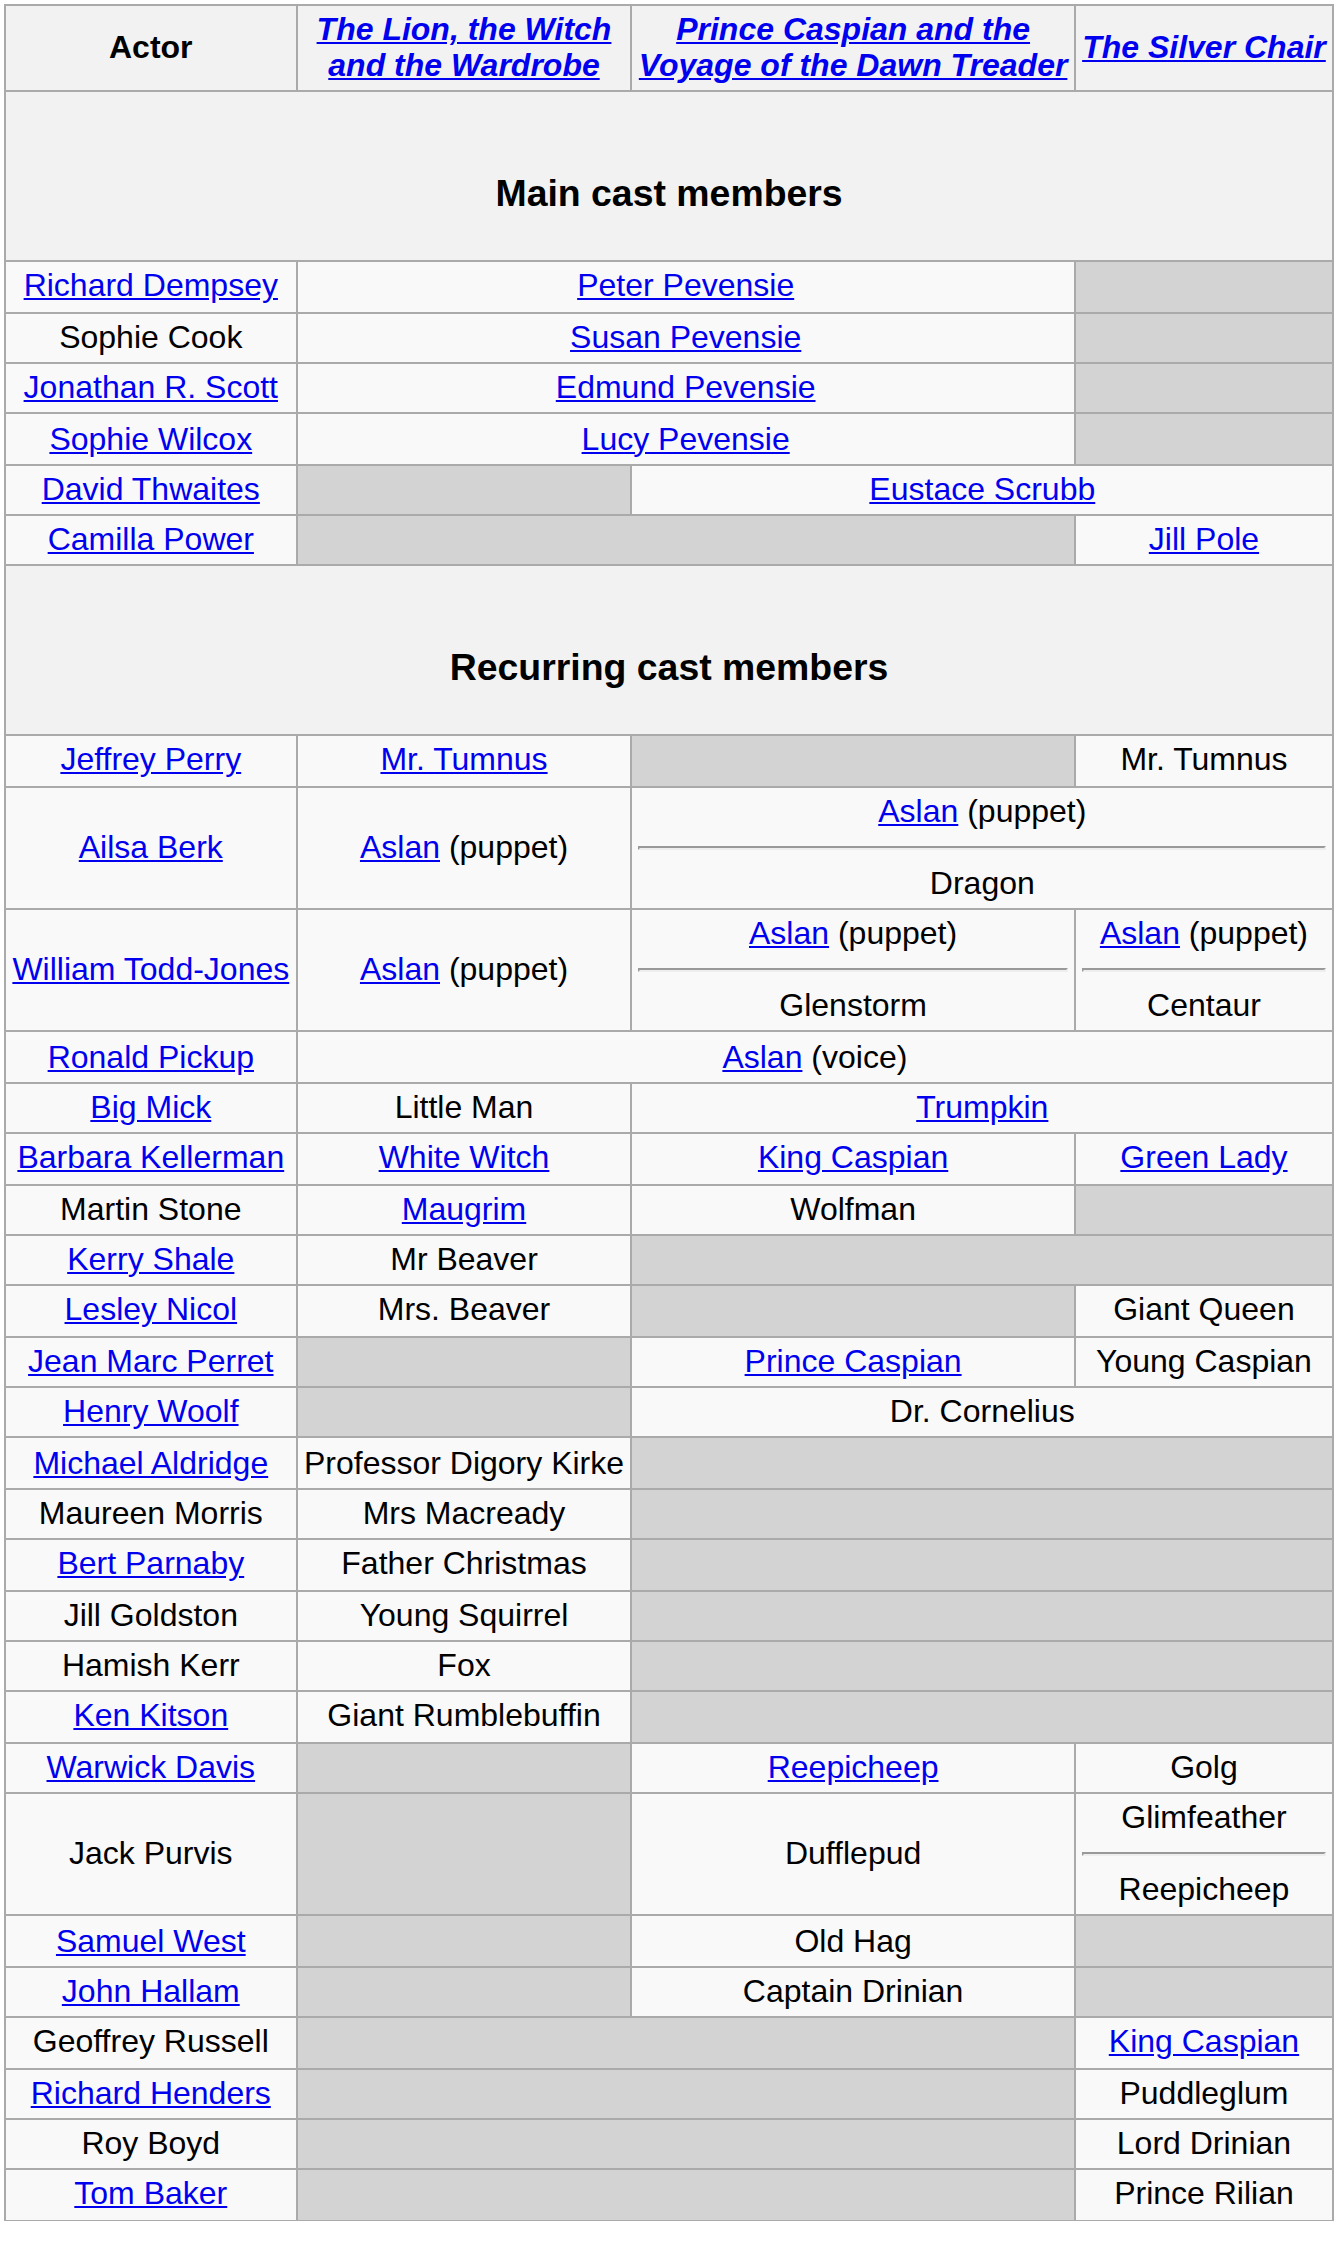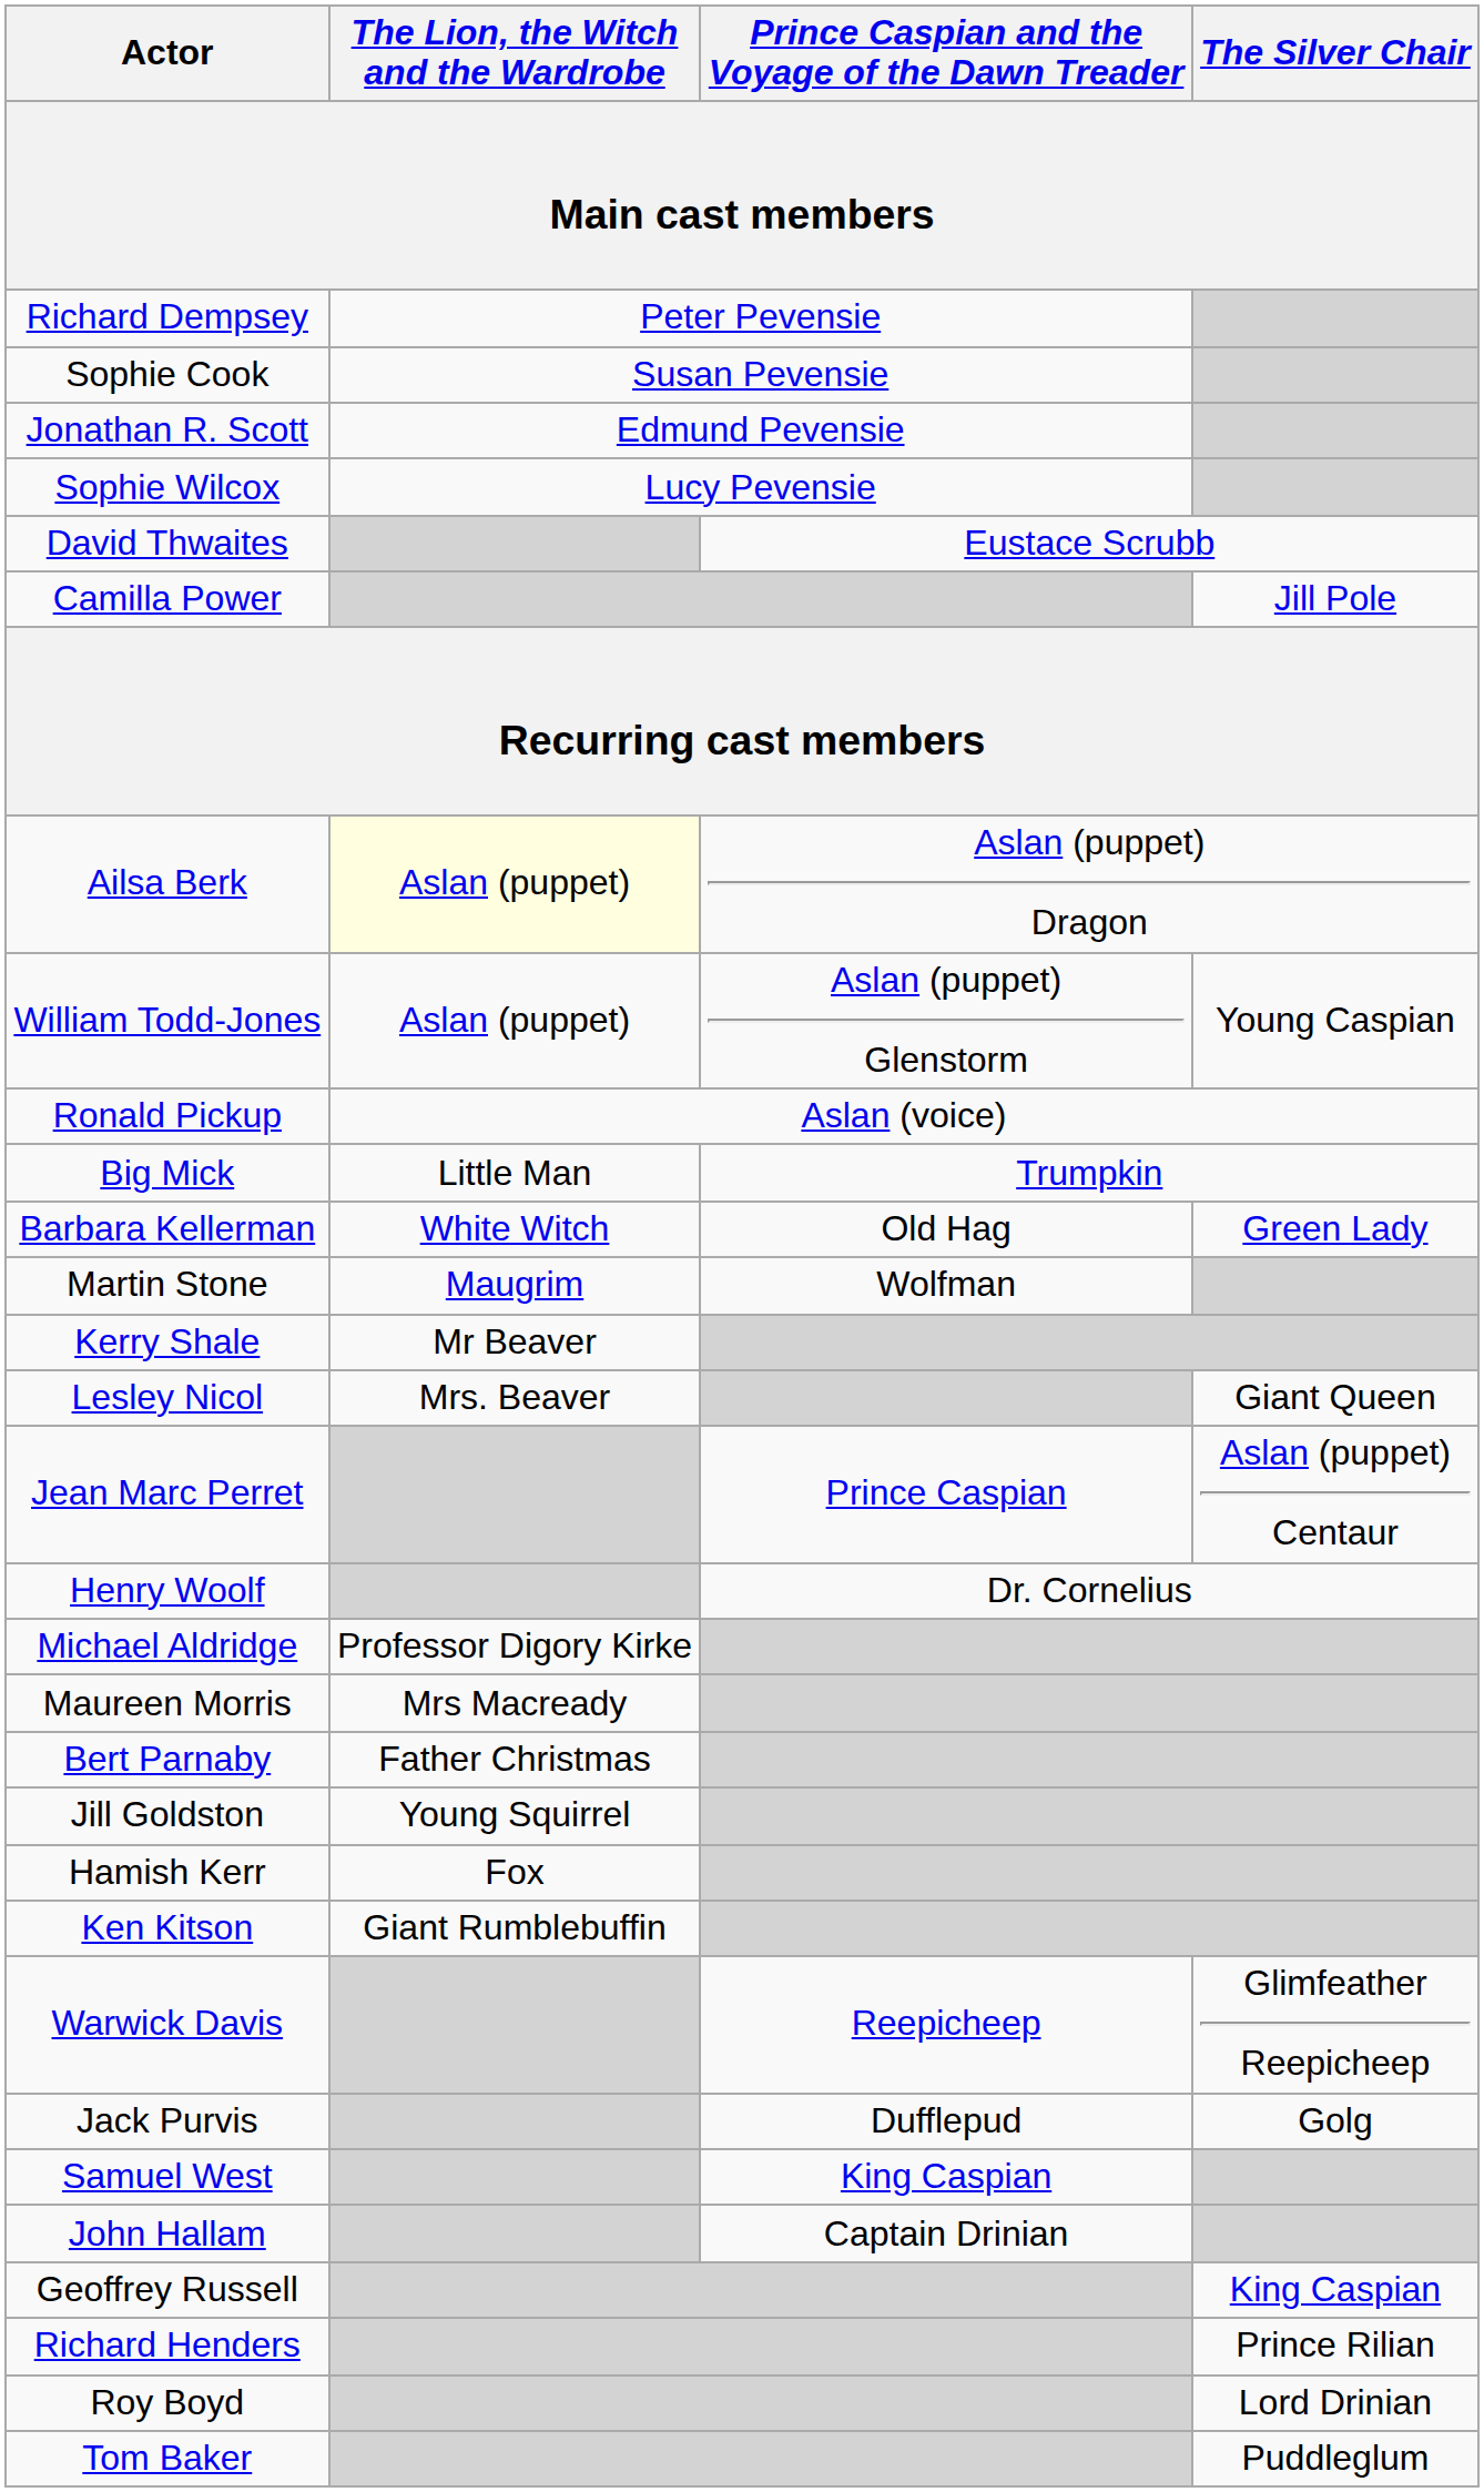 <table class="wikitable plainrowheaders" style="text-align:center;">
 <tr>
 <th>Actor</th>
 <th><a href='#'><em>The Lion, the Witch<br>and the Wardrobe</em></a></th>
 <th><a href='#'><em>Prince Caspian and the<br>Voyage of the Dawn Treader</em></a></th>
 <th><a href='#'><em>The Silver Chair</em></a></th>
 </tr>
 <tr>
 <th colspan="4"><br><h3>Main cast members</h3></th>
 </tr>
 <tr>
 <td><a href='#'>Richard Dempsey</a></td>
 <td colspan="2"><a href='#'>Peter Pevensie</a></td>
 <td colspan="1" style="background:#d3d3d3;"></td>
 </tr>
 <tr>
 <td>Sophie Cook</td>
 <td colspan="2"><a href='#'>Susan Pevensie</a></td>
 <td colspan="1" style="background:#d3d3d3;"></td>
 </tr>
 <tr>
 <td><a href='#'>Jonathan R. Scott</a></td>
 <td colspan="2"><a href='#'>Edmund Pevensie</a></td>
 <td colspan="1" style="background:#d3d3d3;"></td>
 </tr>
 <tr>
 <td><a href='#'>Sophie Wilcox</a></td>
 <td colspan="2"><a href='#'>Lucy Pevensie</a></td>
 <td colspan="1" style="background:#d3d3d3;"></td>
 </tr>
 <tr>
 <td><a href='#'>David Thwaites</a></td>
 <td colspan="1" style="background:#d3d3d3;"></td>
 <td colspan="2"><a href='#'>Eustace Scrubb</a></td>
 </tr>
 <tr>
 <td><a href='#'>Camilla Power</a></td>
 <td colspan="2" style="background:#d3d3d3;"></td>
 <td colspan="1"><a href='#'>Jill Pole</a></td>
 </tr>
 <tr>
 <th colspan="4"><br><h3>Recurring cast members</h3></th>
 </tr>
 <tr>
-<td><a href='#'>Jeffrey Perry</a></td>
-<td><a href='#'>Mr. Tumnus</a></td>
-<td colspan="1" style="background:#d3d3d3;"></td>
-<td>Mr. Tumnus</td>
-</tr>
-<tr>
 <td><a href='#'>Ailsa Berk</a></td>
-<td colspan="1"><a href='#'>Aslan</a> (puppet)</td>
+<td colspan="1" style="background: lightyellow;"><a href='#'>Aslan</a> (puppet)</td>
 <td colspan="2"><a href='#'>Aslan</a> (puppet)<hr>Dragon</td>
 </tr>
 <tr>
 <td><a href='#'>William Todd-Jones</a></td>
 <td colspan="1"><a href='#'>Aslan</a> (puppet)</td>
 <td colspan="1"><a href='#'>Aslan</a> (puppet)<hr>Glenstorm</td>
-<td colspan="1"><a href='#'>Aslan</a> (puppet)<hr>Centaur</td>
+<td colspan="1">Young Caspian</td>
 </tr>
 <tr>
 <td><a href='#'>Ronald Pickup</a></td>
 <td colspan="3"><a href='#'>Aslan</a> (voice)</td>
 </tr>
 <tr>
 <td><a href='#'>Big Mick</a></td>
 <td colspan="1">Little Man</td>
 <td colspan="2"><a href='#'>Trumpkin</a></td>
 </tr>
 <tr>
 <td><a href='#'>Barbara Kellerman</a></td>
 <td colspan="1"><a href='#'>White Witch</a></td>
-<td colspan="1"><a href='#'>King Caspian</a></td>
+<td colspan="1">Old Hag</td>
 <td colspan="1"><a href='#'>Green Lady</a></td>
 </tr>
 <tr>
 <td>Martin Stone</td>
 <td colspan="1"><a href='#'>Maugrim</a></td>
 <td colspan="1">Wolfman</td>
 <td colspan="1" style="background:#d3d3d3;"></td>
 </tr>
 <tr>
 <td><a href='#'>Kerry Shale</a></td>
 <td>Mr Beaver</td>
 <td colspan="2" style="background:#d3d3d3;"></td>
 </tr>
 <tr>
 <td><a href='#'>Lesley Nicol</a></td>
 <td colspan="1">Mrs. Beaver</td>
 <td colspan="1" style="background:#d3d3d3;"></td>
 <td colspan="1">Giant Queen</td>
 </tr>
 <tr>
 <td><a href='#'>Jean Marc Perret</a></td>
 <td colspan="1" style="background:#d3d3d3;"></td>
 <td colspan="1"><a href='#'>Prince Caspian</a></td>
-<td colspan="1">Young Caspian</td>
+<td colspan="1"><a href='#'>Aslan</a> (puppet)<hr>Centaur</td>
 </tr>
 <tr>
 <td><a href='#'>Henry Woolf</a></td>
 <td colspan="1" style="background:#d3d3d3;"></td>
 <td colspan="2">Dr. Cornelius</td>
 </tr>
 <tr>
 <td><a href='#'>Michael Aldridge</a></td>
 <td>Professor Digory Kirke</td>
 <td colspan="2" style="background:#d3d3d3;"></td>
 </tr>
 <tr>
 <td>Maureen Morris</td>
 <td>Mrs Macready</td>
 <td colspan="2" style="background:#d3d3d3;"></td>
 </tr>
 <tr>
 <td><a href='#'>Bert Parnaby</a></td>
 <td>Father Christmas</td>
 <td colspan="2" style="background:#d3d3d3;"></td>
 </tr>
 <tr>
 <td>Jill Goldston</td>
 <td>Young Squirrel</td>
 <td colspan="2" style="background:#d3d3d3;"></td>
 </tr>
 <tr>
 <td>Hamish Kerr</td>
 <td>Fox</td>
 <td colspan="2" style="background:#d3d3d3;"></td>
 </tr>
 <tr>
 <td><a href='#'>Ken Kitson</a></td>
 <td>Giant Rumblebuffin</td>
 <td colspan="2" style="background:#d3d3d3;"></td>
 </tr>
 <tr>
 <td><a href='#'>Warwick Davis</a></td>
 <td colspan="1" style="background:#d3d3d3;"></td>
 <td><a href='#'>Reepicheep</a></td>
-<td colspan="1">Golg</td>
+<td colspan="1">Glimfeather<hr>Reepicheep</td>
 </tr>
 <tr>
 <td>Jack Purvis</td>
 <td colspan="1" style="background:#d3d3d3;"></td>
 <td colspan="1">Dufflepud</td>
-<td colspan="1">Glimfeather<hr>Reepicheep</td>
+<td colspan="1">Golg</td>
 </tr>
 <tr>
 <td><a href='#'>Samuel West</a></td>
 <td colspan="1" style="background:#d3d3d3;"></td>
-<td colspan="1">Old Hag</td>
+<td colspan="1"><a href='#'>King Caspian</a></td>
 <td colspan="1" style="background:#d3d3d3;"></td>
 </tr>
 <tr>
 <td><a href='#'>John Hallam</a></td>
 <td colspan="1" style="background:#d3d3d3;"></td>
 <td colspan="1">Captain Drinian</td>
 <td colspan="1" style="background:#d3d3d3;"></td>
 </tr>
 <tr>
 <td>Geoffrey Russell</td>
 <td colspan="2" style="background:#d3d3d3;"></td>
 <td colspan="1"><a href='#'>King Caspian</a></td>
 </tr>
 <tr>
 <td><a href='#'>Richard Henders</a></td>
 <td colspan="2" style="background:#d3d3d3;"></td>
-<td colspan="1">Puddleglum</td>
+<td colspan="1">Prince Rilian</td>
 </tr>
 <tr>
 <td>Roy Boyd</td>
 <td colspan="2" style="background:#d3d3d3;"></td>
 <td colspan="1">Lord Drinian</td>
 </tr>
 <tr>
 <td><a href='#'>Tom Baker</a></td>
 <td colspan="2" style="background:#d3d3d3;"></td>
-<td colspan="1">Prince Rilian</td>
+<td colspan="1">Puddleglum</td>
 </tr>
 </table>
